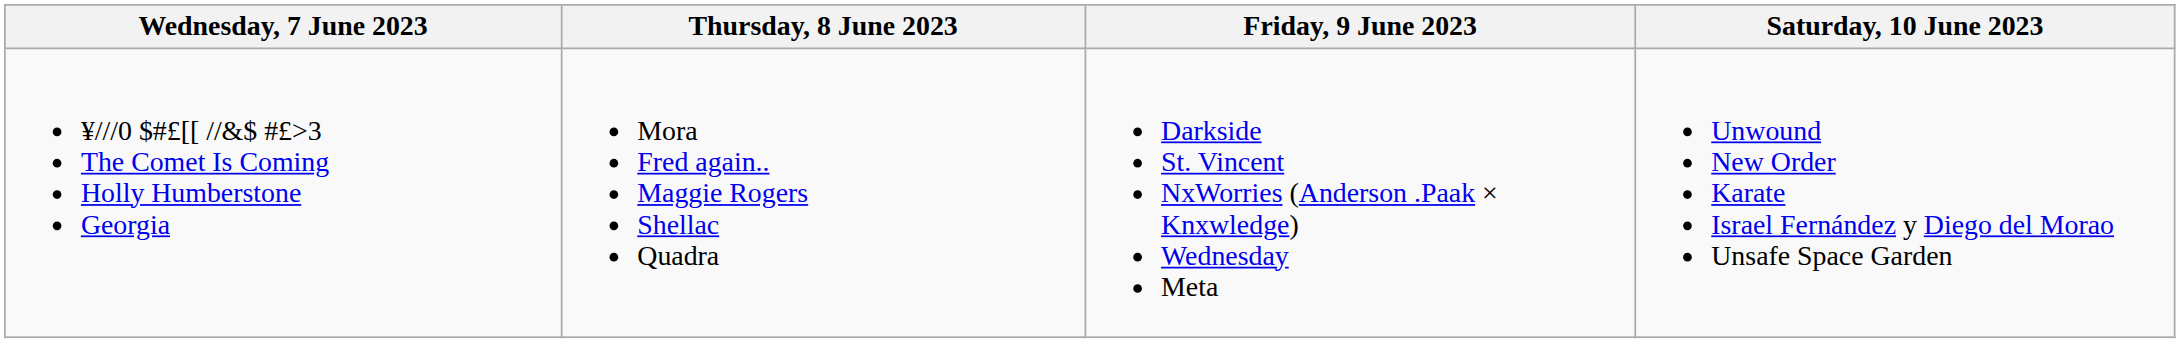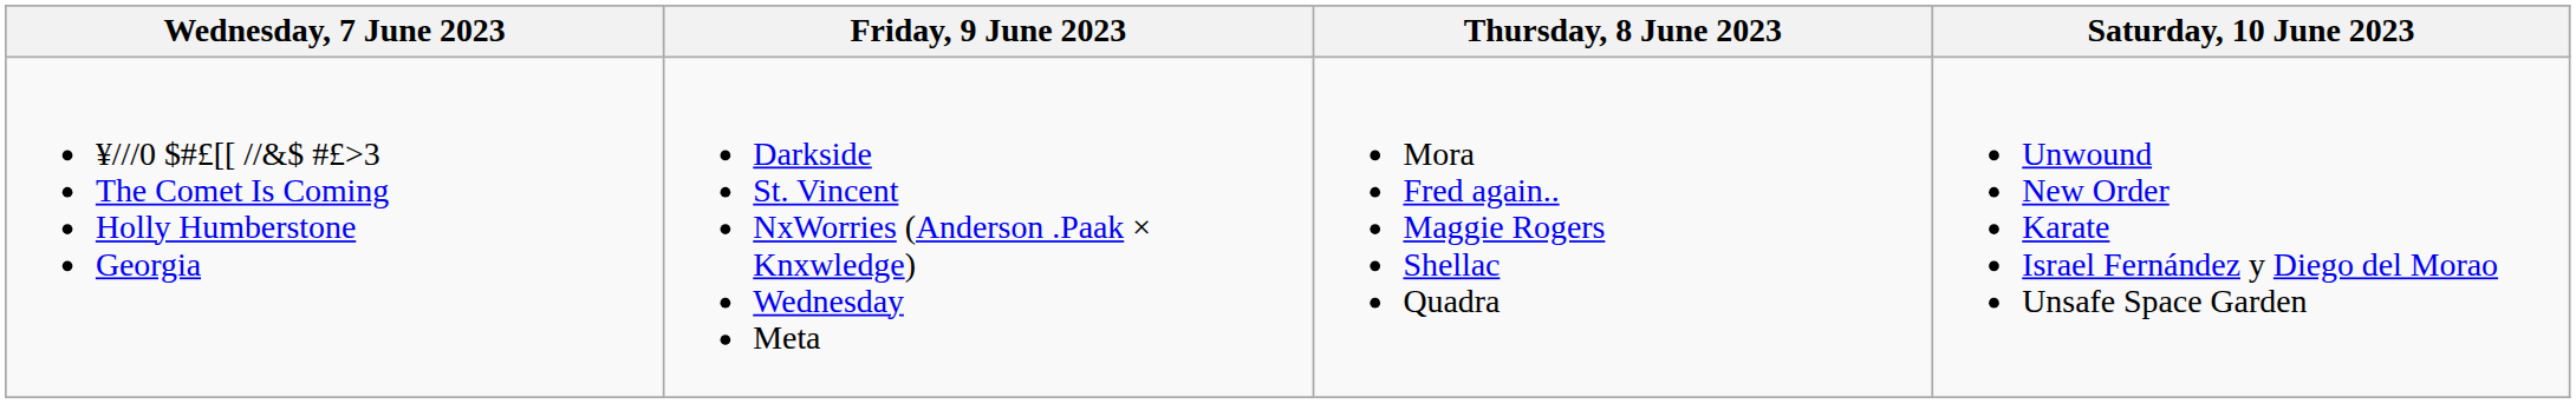 <table class="wikitable">
 <tr>
 <th width="500">Wednesday, 7 June 2023</th>
+<th width="500">Friday, 9 June 2023</th>
 <th width="500">Thursday, 8 June 2023</th>
-<th width="500">Friday, 9 June 2023</th>
 <th width="500">Saturday, 10 June 2023</th>
 </tr>
 <tr valign="top">
 <td><br><ul><li>¥///0 $#£[[ //&$ #£>3</li><li><a href='#'>The Comet Is Coming</a></li><li><a href='#'>Holly Humberstone</a></li><li><a href='#'>Georgia</a></li></ul></td>
+<td><br><ul><li><a href='#'>Darkside</a></li><li><a href='#'>St. Vincent</a></li><li><a href='#'>NxWorries</a> (<a href='#'>Anderson .Paak</a> × <a href='#'>Knxwledge</a>)</li><li><a href='#'>Wednesday</a></li><li>Meta</li></ul></td>
 <td><br><ul><li>Mora</li><li><a href='#'>Fred again..</a></li><li><a href='#'>Maggie Rogers</a></li><li><a href='#'>Shellac</a></li><li>Quadra</li></ul></td>
-<td><br><ul><li><a href='#'>Darkside</a></li><li><a href='#'>St. Vincent</a></li><li><a href='#'>NxWorries</a> (<a href='#'>Anderson .Paak</a> × <a href='#'>Knxwledge</a>)</li><li><a href='#'>Wednesday</a></li><li>Meta</li></ul></td>
 <td><br><ul><li><a href='#'>Unwound</a></li><li><a href='#'>New Order</a></li><li><a href='#'>Karate</a></li><li><a href='#'>Israel Fernández</a> y <a href='#'>Diego del Morao</a></li><li>Unsafe Space Garden</li></ul></td>
 </tr>
 </table>
